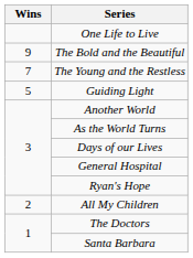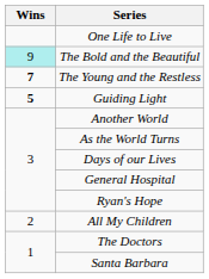 <table class="wikitable" style="text-align: center;">
 <tr>
 <th scope="col" style="width:55px;">Wins</th>
 <th scope="col" class="unsortable">Series</th>
 </tr>
 <tr>
 <td scope="row"></td>
 <td><em>One Life to Live</em></td>
 </tr>
 <tr>
-<td scope="row" style="text-align:center">9</td>
+<td scope="row" style="background: paleturquoise; text-align:center">9</td>
 <td><em>The Bold and the Beautiful</em></td>
 </tr>
 <tr>
-<td scope="row" style="text-align:center">7</td>
+<td scope="row" style="text-align:center"><strong>7</strong></td>
 <td><em>The Young and the Restless</em></td>
 </tr>
 <tr>
-<td scope= "row" style="text-align:center">5</td>
+<td scope= "row" style="text-align:center"><strong>5</strong></td>
 <td><em>Guiding Light</em></td>
 </tr>
 <tr>
 <td scope="row" rowspan=5 style="text-align:center">3</td>
 <td><em>Another World</em></td>
 </tr>
 <tr>
 <td><em>As the World Turns</em></td>
 </tr>
 <tr>
 <td><em>Days of our Lives</em></td>
 </tr>
 <tr>
 <td><em>General Hospital</em></td>
 </tr>
 <tr>
 <td><em>Ryan's Hope</em></td>
 </tr>
 <tr>
 <td scope="row" rowspan=1 style="text-align:center">2</td>
 <td><em>All My Children</em></td>
 </tr>
 <tr>
 <td scope="row" rowspan=2 style="text-align:center">1</td>
 <td><em>The Doctors</em></td>
 </tr>
 <tr>
 <td><em>Santa Barbara</em></td>
 </tr>
 </table>
